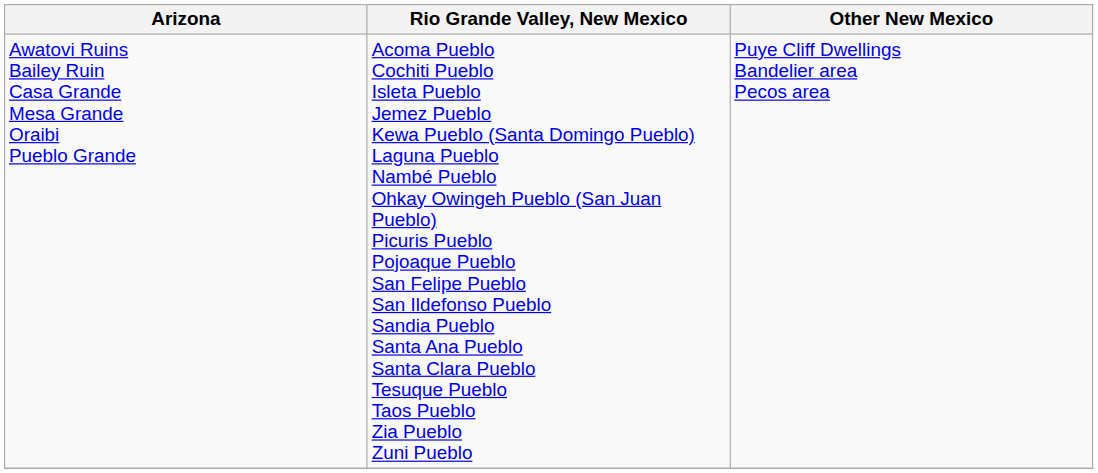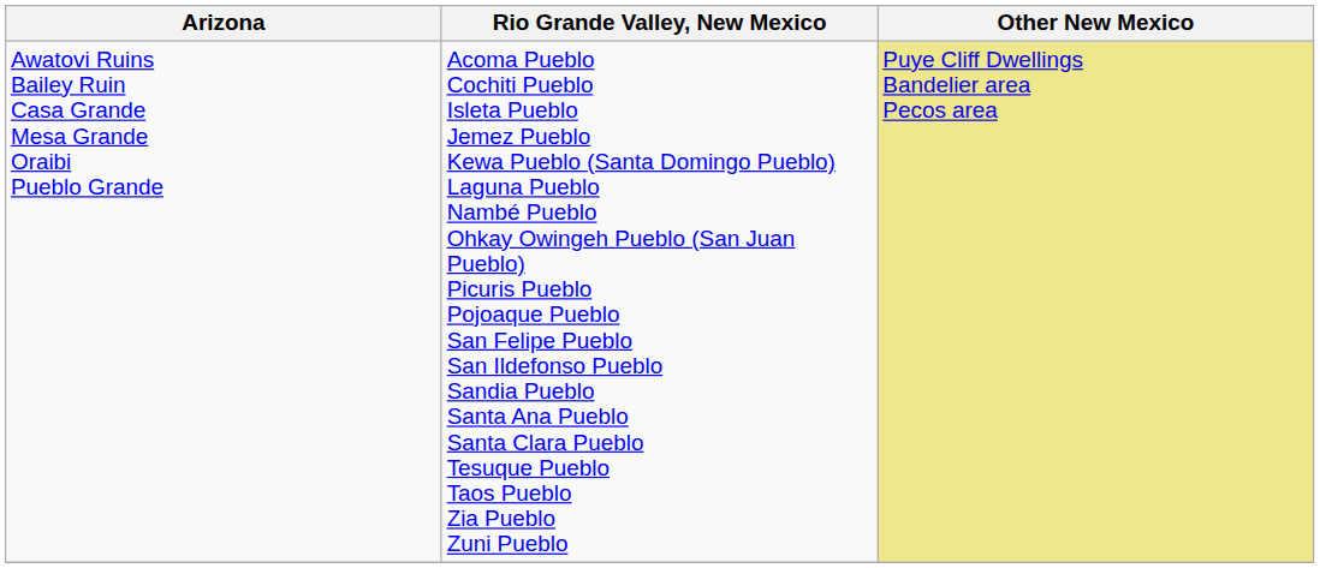 <table class="wikitable">
 <tr>
 <th scope="col" width="300px">Arizona</th>
 <th scope="col" width="300px">Rio Grande Valley, New Mexico</th>
 <th scope="col" width="300px">Other New Mexico</th>
 </tr>
 <tr valign="top">
 <td><a href='#'>Awatovi Ruins</a><br><a href='#'>Bailey Ruin</a><br><a href='#'>Casa Grande</a><br><a href='#'>Mesa Grande</a><br><a href='#'>Oraibi</a><br><a href='#'>Pueblo Grande</a></td>
 <td><a href='#'>Acoma Pueblo</a><br><a href='#'>Cochiti Pueblo</a><br><a href='#'>Isleta Pueblo</a><br><a href='#'>Jemez Pueblo</a><br><a href='#'>Kewa Pueblo (Santa Domingo Pueblo)</a><br><a href='#'>Laguna Pueblo</a><br><a href='#'>Nambé Pueblo</a><br><a href='#'>Ohkay Owingeh Pueblo (San Juan Pueblo)</a><br><a href='#'>Picuris Pueblo</a><br><a href='#'>Pojoaque Pueblo</a><br><a href='#'>San Felipe Pueblo</a><br><a href='#'>San Ildefonso Pueblo</a><br><a href='#'>Sandia Pueblo</a><br><a href='#'>Santa Ana Pueblo</a><br><a href='#'>Santa Clara Pueblo</a><br><a href='#'>Tesuque Pueblo</a><br><a href='#'>Taos Pueblo</a><br><a href='#'>Zia Pueblo</a><br><a href='#'>Zuni Pueblo</a></td>
-<td><a href='#'>Puye Cliff Dwellings</a><br><a href='#'>Bandelier area</a><br><a href='#'>Pecos area</a></td>
+<td style="background: khaki;"><a href='#'>Puye Cliff Dwellings</a><br><a href='#'>Bandelier area</a><br><a href='#'>Pecos area</a></td>
 </tr>
 <tr>
 </tr>
 </table>
